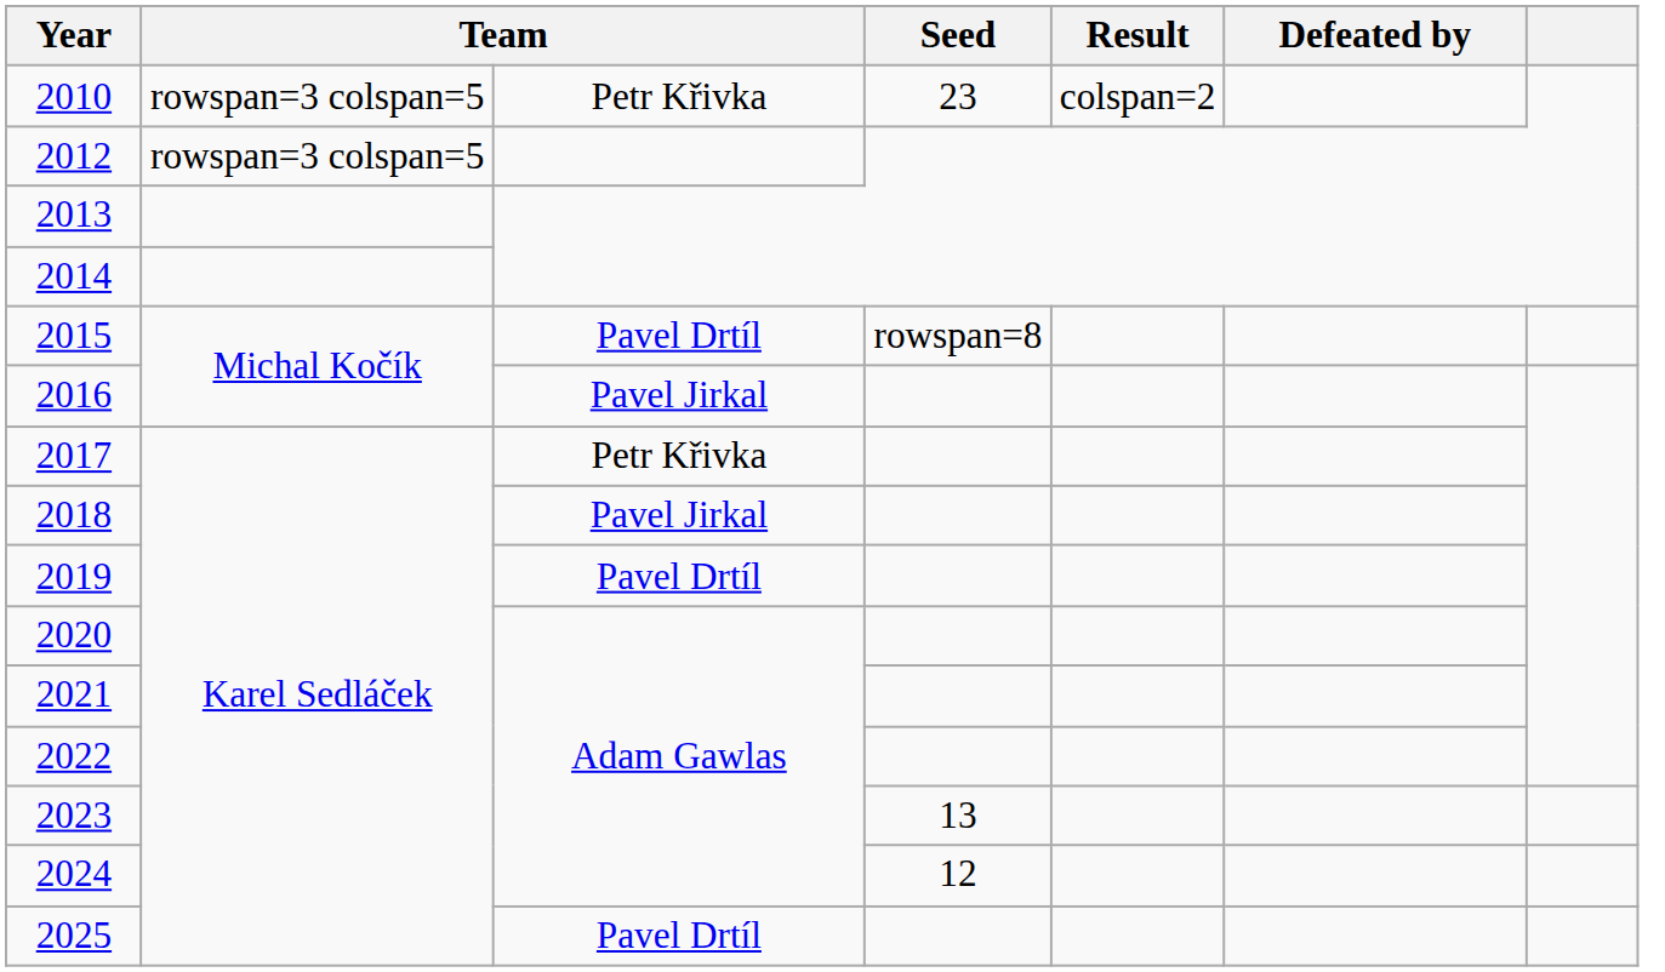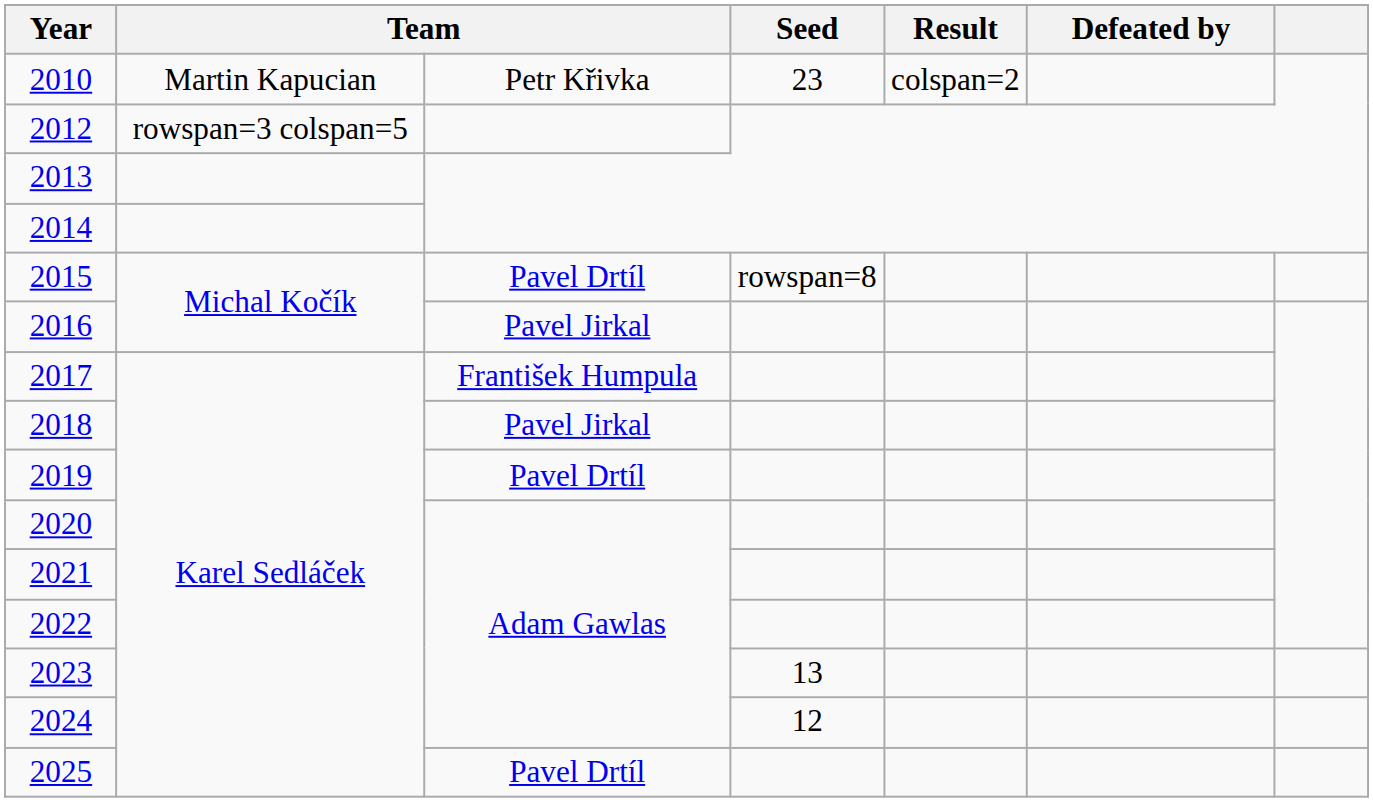 <table class="wikitable" style="text-align: center;">
 <tr style= "background: #e2e2e2;">
 </tr>
 <tr style="background: #efefef;">
 <th width=50px>Year</th>
 <th colspan="2">Team</th>
 <th width=50px>Seed</th>
 <th width=50px>Result</th>
 <th width=120px>Defeated by</th>
 <th width=40px></th>
 </tr>
 <tr>
 <td><a href='#'>2010</a></td>
-<td>rowspan=3 colspan=5 </td>
+<td width=150px>Martin Kapucian</td>
 <td>Petr Křivka</td>
 <td>23</td>
 <td>colspan=2 </td>
 <td></td>
 </tr>
 <tr>
 <td><a href='#'>2012</a></td>
 <td>rowspan=3 colspan=5 </td>
 <td></td>
 </tr>
 <tr>
 <td><a href='#'>2013</a></td>
 <td></td>
 </tr>
 <tr>
 <td><a href='#'>2014</a></td>
 <td></td>
 </tr>
 <tr>
 <td><a href='#'>2015</a></td>
 <td rowspan=2><a href='#'>Michal Kočík</a></td>
 <td><a href='#'>Pavel Drtíl</a></td>
 <td>rowspan=8 </td>
 <td></td>
 <td> </td>
 <td></td>
 </tr>
 <tr>
 <td><a href='#'>2016</a></td>
 <td><a href='#'>Pavel Jirkal</a></td>
 <td></td>
 <td> </td>
 <td></td>
 </tr>
 <tr>
 <td><a href='#'>2017</a></td>
 <td rowspan=9><a href='#'>Karel Sedláček</a></td>
-<td>Petr Křivka</td>
+<td><a href='#'>František Humpula</a></td>
 <td></td>
 <td> </td>
 <td></td>
 </tr>
 <tr>
 <td><a href='#'>2018</a></td>
 <td><a href='#'>Pavel Jirkal</a></td>
 <td></td>
 <td> </td>
 <td></td>
 </tr>
 <tr>
 <td><a href='#'>2019</a></td>
 <td><a href='#'>Pavel Drtíl</a></td>
 <td></td>
 <td> </td>
 <td></td>
 </tr>
 <tr>
 <td><a href='#'>2020</a></td>
 <td rowspan=5><a href='#'>Adam Gawlas</a></td>
 <td></td>
 <td> </td>
 <td></td>
 </tr>
 <tr>
 <td><a href='#'>2021</a></td>
 <td></td>
 <td> </td>
 <td></td>
 </tr>
 <tr>
 <td><a href='#'>2022</a></td>
 <td></td>
 <td> </td>
 <td></td>
 </tr>
 <tr>
 <td><a href='#'>2023</a></td>
 <td>13</td>
 <td></td>
 <td> </td>
 <td></td>
 </tr>
 <tr>
 <td><a href='#'>2024</a></td>
 <td>12</td>
 <td></td>
 <td> </td>
 <td></td>
 </tr>
 <tr>
 <td><a href='#'>2025</a></td>
 <td width=150px><a href='#'>Pavel Drtíl</a></td>
 <td></td>
 <td></td>
 <td></td>
 <td></td>
 </tr>
 </table>
